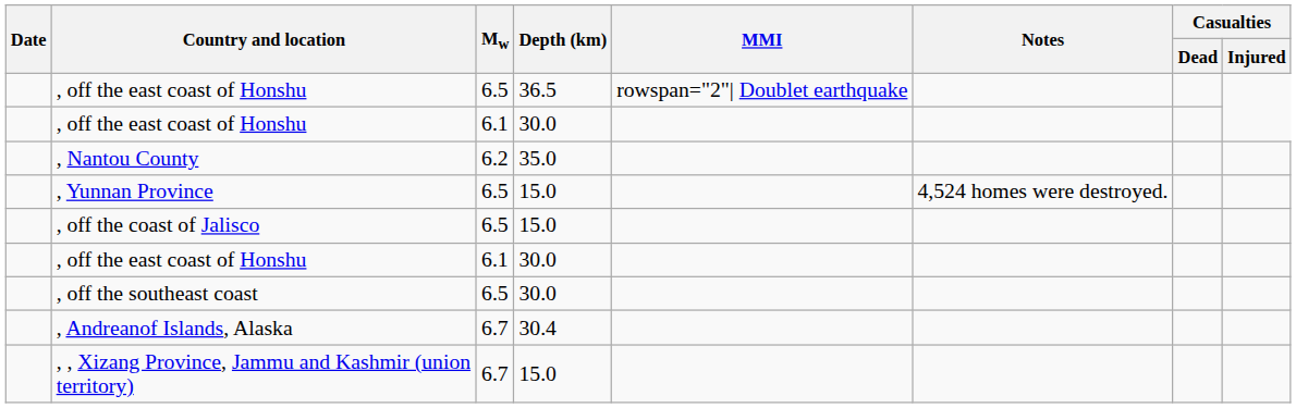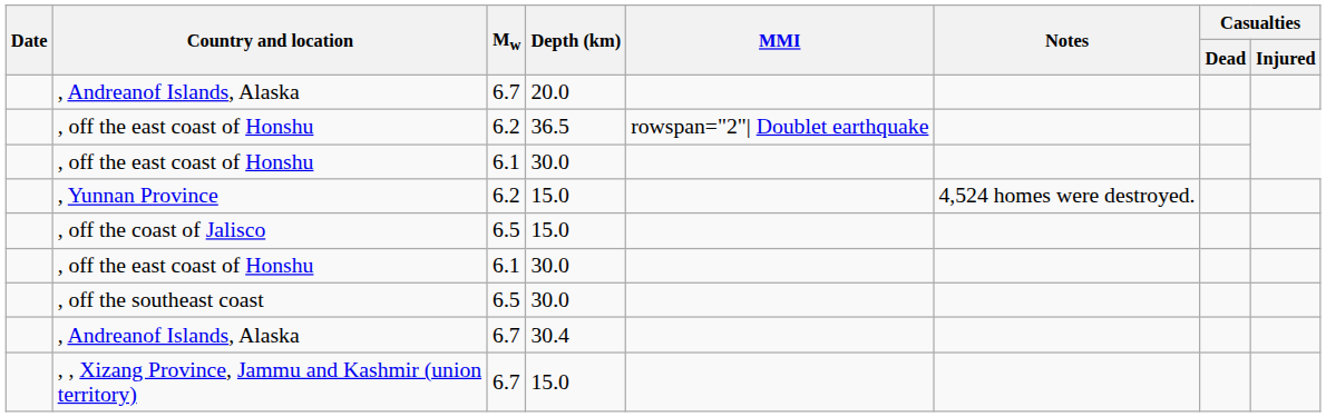 <table class="wikitable sortable sort-under" style="border:1px black; margin-left:1em;">
 <tr>
 <th rowspan="2"><small>Date</small></th>
 <th rowspan="2" style="width: 310px"><small>Country and location</small></th>
 <th rowspan="2"><small>M<sub>w</sub></small></th>
 <th rowspan="2"><small>Depth (km)</small></th>
 <th rowspan="2"><small><a href='#'>MMI</a></small></th>
 <th rowspan="2" class="unsortable"><small>Notes</small></th>
 <th colspan="2"><small>Casualties</small></th>
 </tr>
 <tr>
 <th><small>Dead</small></th>
 <th><small>Injured</small></th>
 </tr>
 <tr>
 <td></td>
+<td>, <a href='#'>Andreanof Islands</a>, Alaska</td>
+<td>6.7</td>
+<td>20.0</td>
+<td></td>
+<td></td>
+<td></td>
+<td></td>
+</tr>
+<tr>
+<td></td>
 <td>, off the east coast of <a href='#'>Honshu</a></td>
-<td>6.5</td>
+<td>6.2</td>
 <td>36.5</td>
 <td>rowspan="2"| <a href='#'>Doublet earthquake</a></td>
 <td></td>
 <td></td>
 </tr>
 <tr>
 <td></td>
 <td>, off the east coast of <a href='#'>Honshu</a></td>
 <td>6.1</td>
 <td>30.0</td>
 <td></td>
 <td></td>
 <td></td>
 </tr>
 <tr>
 <td></td>
-<td>, <a href='#'>Nantou County</a></td>
+<td>, <a href='#'>Yunnan Province</a></td>
 <td>6.2</td>
-<td>35.0</td>
-<td></td>
-<td></td>
-<td></td>
-<td></td>
-</tr>
-<tr>
-<td></td>
-<td>, <a href='#'>Yunnan Province</a></td>
-<td>6.5</td>
 <td>15.0</td>
 <td></td>
 <td>4,524 homes were destroyed.</td>
 <td></td>
 <td></td>
 </tr>
 <tr>
 <td></td>
 <td>, off the coast of <a href='#'>Jalisco</a></td>
 <td>6.5</td>
 <td>15.0</td>
 <td></td>
 <td></td>
 <td></td>
 <td></td>
 </tr>
 <tr>
 <td></td>
 <td>, off the east coast of <a href='#'>Honshu</a></td>
 <td>6.1</td>
 <td>30.0</td>
 <td></td>
 <td></td>
 <td></td>
 <td></td>
 </tr>
 <tr>
 <td></td>
 <td>, off the southeast coast</td>
 <td>6.5</td>
 <td>30.0</td>
 <td></td>
 <td></td>
 <td></td>
 <td></td>
 </tr>
 <tr>
 <td></td>
 <td>, <a href='#'>Andreanof Islands</a>, Alaska</td>
 <td>6.7</td>
 <td>30.4</td>
 <td></td>
 <td></td>
 <td></td>
 <td></td>
 </tr>
 <tr>
 <td></td>
 <td>, , <a href='#'>Xizang Province</a>, <a href='#'>Jammu and Kashmir (union territory)</a></td>
 <td>6.7</td>
 <td>15.0</td>
 <td></td>
 <td></td>
 <td></td>
 <td></td>
 </tr>
 </table>
